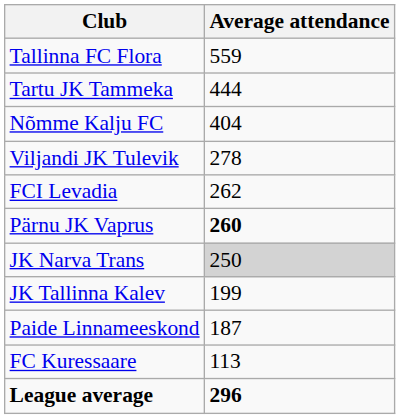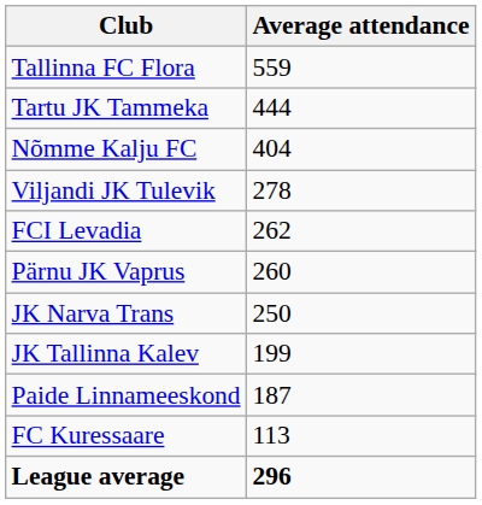 <table class="wikitable sortable">
 <tr>
 <th>Club</th>
 <th>Average attendance</th>
 </tr>
 <tr>
 <td><a href='#'>Tallinna FC Flora</a></td>
 <td>559</td>
 </tr>
 <tr>
 <td><a href='#'>Tartu JK Tammeka</a></td>
 <td>444</td>
 </tr>
 <tr>
 <td><a href='#'>Nõmme Kalju FC</a></td>
 <td>404</td>
 </tr>
 <tr>
 <td><a href='#'>Viljandi JK Tulevik</a></td>
 <td>278</td>
 </tr>
 <tr>
 <td><a href='#'>FCI Levadia</a></td>
 <td>262</td>
 </tr>
 <tr>
 <td><a href='#'>Pärnu JK Vaprus</a></td>
-<td><strong>260</strong></td>
+<td>260</td>
 </tr>
 <tr>
 <td><a href='#'>JK Narva Trans</a></td>
-<td style="background: lightgrey;">250</td>
+<td>250</td>
 </tr>
 <tr>
 <td><a href='#'>JK Tallinna Kalev</a></td>
 <td>199</td>
 </tr>
 <tr>
 <td><a href='#'>Paide Linnameeskond</a></td>
 <td>187</td>
 </tr>
 <tr>
 <td><a href='#'>FC Kuressaare</a></td>
 <td>113</td>
 </tr>
 <tr>
 <td><strong>League average</strong></td>
 <td><strong>296</strong></td>
 </tr>
 </table>
